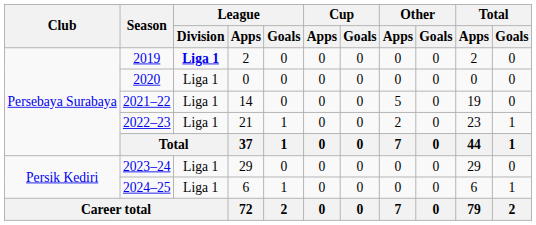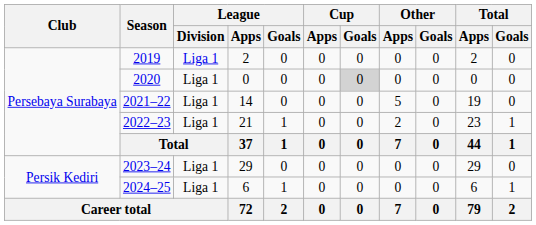 <table class="wikitable" style="text-align: center">
 <tr>
 <th rowspan="2">Club</th>
 <th rowspan="2">Season</th>
 <th colspan="3">League</th>
 <th colspan="2">Cup</th>
 <th colspan="2">Other</th>
 <th colspan="2">Total</th>
 </tr>
 <tr>
 <th>Division</th>
 <th>Apps</th>
 <th>Goals</th>
 <th>Apps</th>
 <th>Goals</th>
 <th>Apps</th>
 <th>Goals</th>
 <th>Apps</th>
 <th>Goals</th>
 </tr>
 <tr>
 <td rowspan="5"><a href='#'>Persebaya Surabaya</a></td>
 <td><a href='#'>2019</a></td>
-<td rowspan="1" valign="center"><strong><a href='#'>Liga 1</a></strong></td>
+<td rowspan="1" valign="center"><a href='#'>Liga 1</a></td>
 <td>2</td>
 <td>0</td>
 <td>0</td>
 <td>0</td>
 <td>0</td>
 <td>0</td>
 <td>2</td>
 <td>0</td>
 </tr>
 <tr>
 <td><a href='#'>2020</a></td>
 <td rowspan="1" valign="center">Liga 1</td>
 <td>0</td>
 <td>0</td>
 <td>0</td>
-<td>0</td>
+<td style="background: lightgrey;">0</td>
 <td>0</td>
 <td>0</td>
 <td>0</td>
 <td>0</td>
 </tr>
 <tr>
 <td><a href='#'>2021–22</a></td>
 <td rowspan="1" valign="center">Liga 1</td>
 <td>14</td>
 <td>0</td>
 <td>0</td>
 <td>0</td>
 <td>5</td>
 <td>0</td>
 <td>19</td>
 <td>0</td>
 </tr>
 <tr>
 <td><a href='#'>2022–23</a></td>
 <td>Liga 1</td>
 <td>21</td>
 <td>1</td>
 <td>0</td>
 <td>0</td>
 <td>2</td>
 <td>0</td>
 <td>23</td>
 <td>1</td>
 </tr>
 <tr>
 <th colspan=2>Total</th>
 <th>37</th>
 <th>1</th>
 <th>0</th>
 <th>0</th>
 <th>7</th>
 <th>0</th>
 <th>44</th>
 <th>1</th>
 </tr>
 <tr>
 <td rowspan="2"><a href='#'>Persik Kediri</a></td>
 <td><a href='#'>2023–24</a></td>
 <td rowspan="1" valign="center">Liga 1</td>
 <td>29</td>
 <td>0</td>
 <td>0</td>
 <td>0</td>
 <td>0</td>
 <td>0</td>
 <td>29</td>
 <td>0</td>
 </tr>
 <tr>
 <td><a href='#'>2024–25</a></td>
 <td>Liga 1</td>
 <td>6</td>
 <td>1</td>
 <td>0</td>
 <td>0</td>
 <td>0</td>
 <td>0</td>
 <td>6</td>
 <td>1</td>
 </tr>
 <tr>
 <th colspan=3>Career total</th>
 <th>72</th>
 <th>2</th>
 <th>0</th>
 <th>0</th>
 <th>7</th>
 <th>0</th>
 <th>79</th>
 <th>2</th>
 </tr>
 </table>
